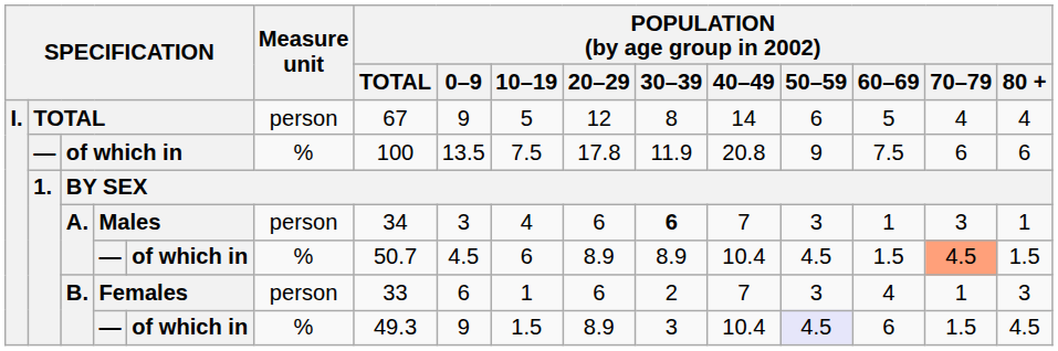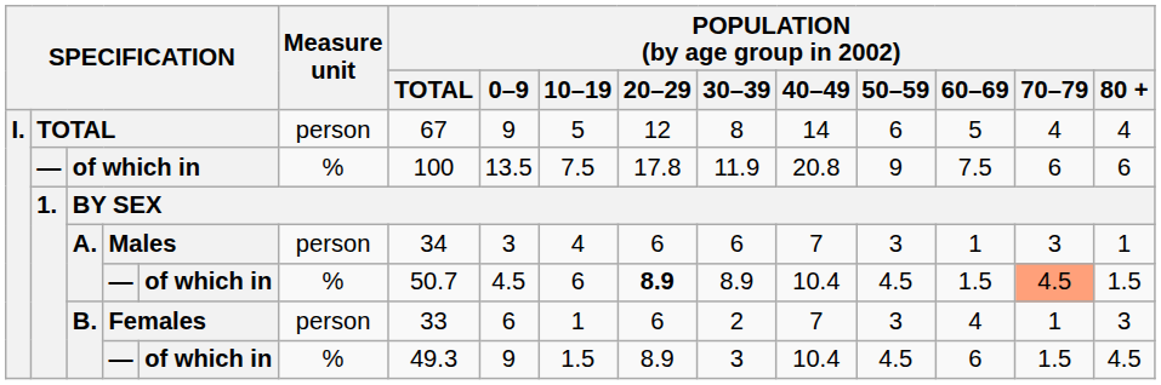 <table class="wikitable" style="font-size:85%; text-align:center">
 <tr>
 <th rowspan="2" colspan="5">SPECIFICATION</th>
 <th rowspan="2">Measure<br> unit</th>
 <th colspan="10" rowspan="1">POPULATION<br> (by age group in 2002)</th>
 </tr>
 <tr>
 <th>TOTAL</th>
 <th>0–9</th>
 <th>10–19</th>
 <th>20–29</th>
 <th>30–39</th>
 <th>40–49</th>
 <th>50–59</th>
 <th>60–69</th>
 <th>70–79</th>
 <th>80 +</th>
 </tr>
 <tr>
 <th style="text-align:left" valign="top" rowspan="7">I.</th>
 <th style="text-align:left" colspan="4">TOTAL</th>
 <td>person</td>
 <td>67</td>
 <td>9</td>
 <td>5</td>
 <td>12</td>
 <td>8</td>
 <td>14</td>
 <td>6</td>
 <td>5</td>
 <td>4</td>
 <td>4</td>
 </tr>
 <tr>
 <th style="text-align:left" valign="top">—</th>
 <th style="text-align:left" colspan="3">of which in</th>
 <td>%</td>
 <td>100</td>
 <td>13.5</td>
 <td>7.5</td>
 <td>17.8</td>
 <td>11.9</td>
 <td>20.8</td>
 <td>9</td>
 <td>7.5</td>
 <td>6</td>
 <td>6</td>
 </tr>
 <tr>
 <th style="text-align:left" valign="top" rowspan="5">1.</th>
 <th style="text-align:left" colspan="14">BY SEX</th>
 </tr>
 <tr>
 <th style="text-align:left" valign="top" rowspan="2">A.</th>
 <th style="text-align:left" colspan="2">Males</th>
 <td>person</td>
 <td>34</td>
 <td>3</td>
 <td>4</td>
 <td>6</td>
-<td><strong>6</strong></td>
+<td>6</td>
 <td>7</td>
 <td>3</td>
 <td>1</td>
 <td>3</td>
 <td>1</td>
 </tr>
 <tr>
 <th style="text-align:left" valign="top">—</th>
 <th style="text-align:left" colspan="1">of which in</th>
 <td>%</td>
 <td>50.7</td>
 <td>4.5</td>
 <td>6</td>
-<td>8.9</td>
+<td><strong>8.9</strong></td>
 <td>8.9</td>
 <td>10.4</td>
 <td>4.5</td>
 <td>1.5</td>
 <td style="background: lightsalmon;">4.5</td>
 <td>1.5</td>
 </tr>
 <tr>
 <th style="text-align:left" valign="top" rowspan="2">B.</th>
 <th style="text-align:left" colspan="2">Females</th>
 <td>person</td>
 <td>33</td>
 <td>6</td>
 <td>1</td>
 <td>6</td>
 <td>2</td>
 <td>7</td>
 <td>3</td>
 <td>4</td>
 <td>1</td>
 <td>3</td>
 </tr>
 <tr>
 <th style="text-align:left" valign="top">—</th>
 <th style="text-align:left" colspan="1">of which in</th>
 <td>%</td>
 <td>49.3</td>
 <td>9</td>
 <td>1.5</td>
 <td>8.9</td>
 <td>3</td>
 <td>10.4</td>
-<td style="background: lavender;">4.5</td>
+<td>4.5</td>
 <td>6</td>
 <td>1.5</td>
 <td>4.5</td>
 </tr>
 </table>
